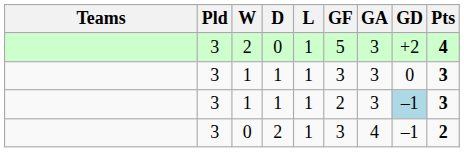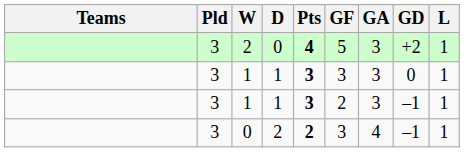 <table class="wikitable" style="text-align: center;">
 <tr>
 <th width=165>Teams</th>
 <th width=20>Pld</th>
 <th width=20>W</th>
 <th width=20>D</th>
-<th width=20>L</th>
+<th width=20>Pts</th>
 <th width=20>GF</th>
 <th width=20>GA</th>
 <th width=20>GD</th>
-<th width=20>Pts</th>
+<th width=20>L</th>
 </tr>
 <tr align=center style="background:#ccffcc;">
 <td style="text-align:left;"></td>
 <td>3</td>
 <td>2</td>
 <td>0</td>
-<td>1</td>
+<td><strong>4</strong></td>
 <td>5</td>
 <td>3</td>
 <td>+2</td>
-<td><strong>4</strong></td>
+<td>1</td>
 </tr>
 <tr align=center>
 <td style="text-align:left;"></td>
 <td>3</td>
 <td>1</td>
 <td>1</td>
-<td>1</td>
+<td><strong>3</strong></td>
 <td>3</td>
 <td>3</td>
 <td>0</td>
-<td><strong>3</strong></td>
+<td>1</td>
 </tr>
 <tr align=center>
 <td style="text-align:left;"></td>
 <td>3</td>
 <td>1</td>
 <td>1</td>
-<td>1</td>
+<td><strong>3</strong></td>
 <td>2</td>
 <td>3</td>
-<td style="background: lightblue;">–1</td>
-<td><strong>3</strong></td>
+<td>–1</td>
+<td>1</td>
 </tr>
 <tr align=center>
 <td style="text-align:left;"></td>
 <td>3</td>
 <td>0</td>
 <td>2</td>
-<td>1</td>
+<td><strong>2</strong></td>
 <td>3</td>
 <td>4</td>
 <td>–1</td>
-<td><strong>2</strong></td>
+<td>1</td>
 </tr>
 </table>
